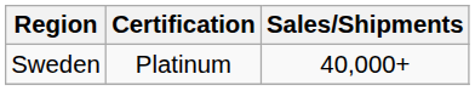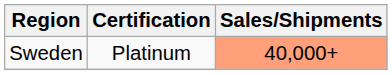 <table class="wikitable sortable">
 <tr>
 <th>Region</th>
 <th>Certification</th>
 <th>Sales/Shipments</th>
 </tr>
 <tr>
 <td>Sweden</td>
 <td align="center">Platinum</td>
-<td align="center">40,000+</td>
+<td align="center" style="background: lightsalmon;">40,000+</td>
 </tr>
 <tr>
 </tr>
 </table>
